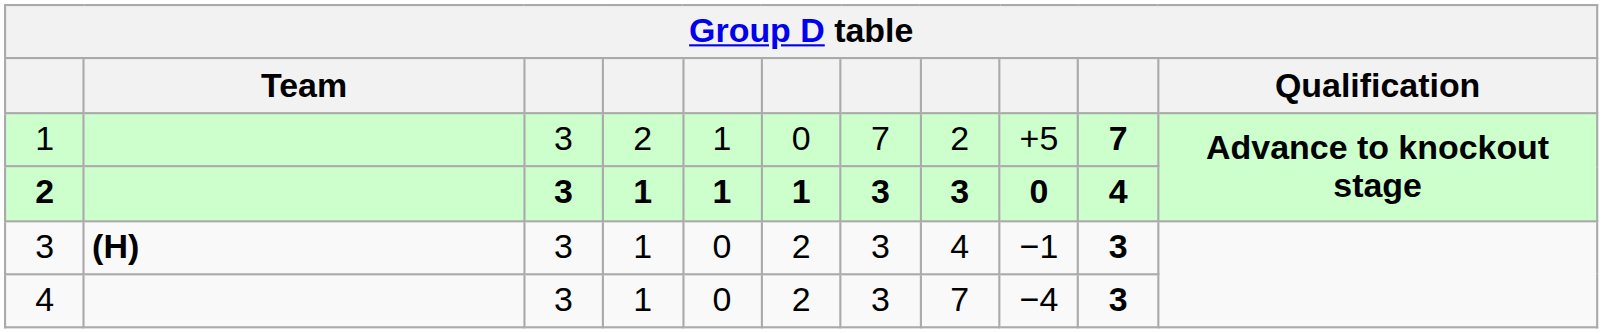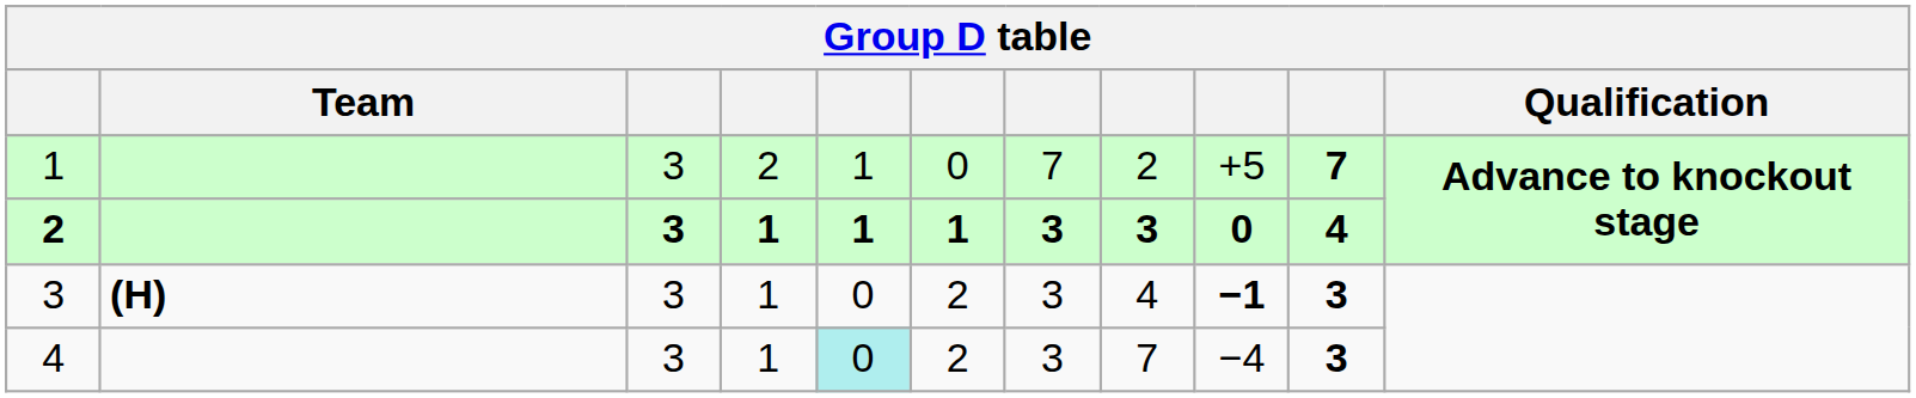 <table class="wikitable" style="text-align: center;">
 <tr>
 <th colspan="11"><a href='#'>Group D</a> table</th>
 </tr>
 <tr>
 <th width=30></th>
 <th width=200>Team</th>
 <th width=30></th>
 <th width=30></th>
 <th width=30></th>
 <th width=30></th>
 <th width=30></th>
 <th width=30></th>
 <th width=30></th>
 <th width=30></th>
 <th width=200>Qualification</th>
 </tr>
 <tr style="background:#cfc;">
 <td>1</td>
 <td align="left"></td>
 <td>3</td>
 <td>2</td>
 <td>1</td>
 <td>0</td>
 <td>7</td>
 <td>2</td>
 <td>+5</td>
 <td><strong>7</strong></td>
 <td rowspan="2"><strong>Advance to knockout stage</strong></td>
 </tr>
 <tr style="background:#cfc;">
 <td><strong>2</strong></td>
 <td align="left"><strong></strong></td>
 <td><strong>3</strong></td>
 <td><strong>1</strong></td>
 <td><strong>1</strong></td>
 <td><strong>1</strong></td>
 <td><strong>3</strong></td>
 <td><strong>3</strong></td>
 <td><strong>0</strong></td>
 <td><strong>4</strong></td>
 </tr>
 <tr>
 <td>3</td>
 <td align="left"> <strong>(H)</strong></td>
 <td>3</td>
 <td>1</td>
 <td>0</td>
 <td>2</td>
 <td>3</td>
 <td>4</td>
-<td>−1</td>
+<td><strong>−1</strong></td>
 <td><strong>3</strong></td>
 <td rowspan="2"></td>
 </tr>
 <tr>
 <td>4</td>
 <td align="left"></td>
 <td>3</td>
 <td>1</td>
-<td>0</td>
+<td style="background: paleturquoise;">0</td>
 <td>2</td>
 <td>3</td>
 <td>7</td>
 <td>−4</td>
 <td><strong>3</strong></td>
 </tr>
 </table>
